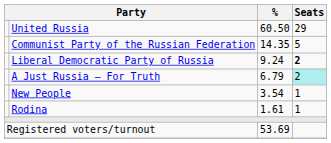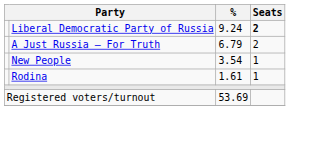 <table class="wikitable">
 <tr>
 <th colspan=2>Party</th>
 <th>%</th>
 <th>Seats</th>
-</tr>
-<tr>
-<td style="background:"></td>
-<td><a href='#'>United Russia</a></td>
-<td>60.50</td>
-<td>29</td>
-</tr>
-<tr>
-<td style="background:"></td>
-<td><a href='#'>Communist Party of the Russian Federation</a></td>
-<td>14.35</td>
-<td>5</td>
 </tr>
 <tr>
 <td style="background:"></td>
 <td><a href='#'>Liberal Democratic Party of Russia</a></td>
 <td>9.24</td>
 <td><strong>2</strong></td>
 </tr>
 <tr>
 <td style="background:"></td>
 <td><a href='#'>A Just Russia — For Truth</a></td>
 <td>6.79</td>
-<td style="background: paleturquoise;">2</td>
+<td>2</td>
 </tr>
 <tr>
 <td style="background:"></td>
 <td><a href='#'>New People</a></td>
 <td>3.54</td>
 <td>1</td>
 </tr>
 <tr>
 <td style="background:"></td>
 <td><a href='#'>Rodina</a></td>
 <td>1.61</td>
 <td>1</td>
 </tr>
 <tr>
 <td colspan=4 style="background:#E9E9E9;"></td>
 </tr>
 <tr>
 <td align=left colspan=2>Registered voters/turnout</td>
 <td>53.69</td>
 <td></td>
 </tr>
 <tr>
 </tr>
 </table>
